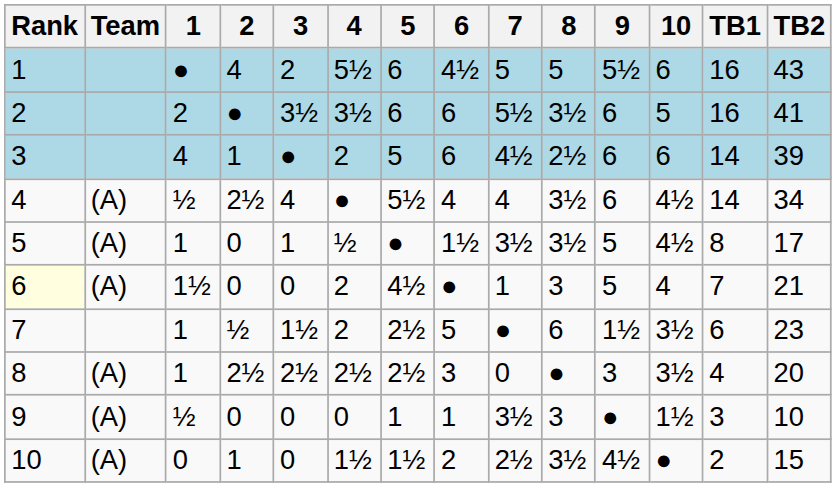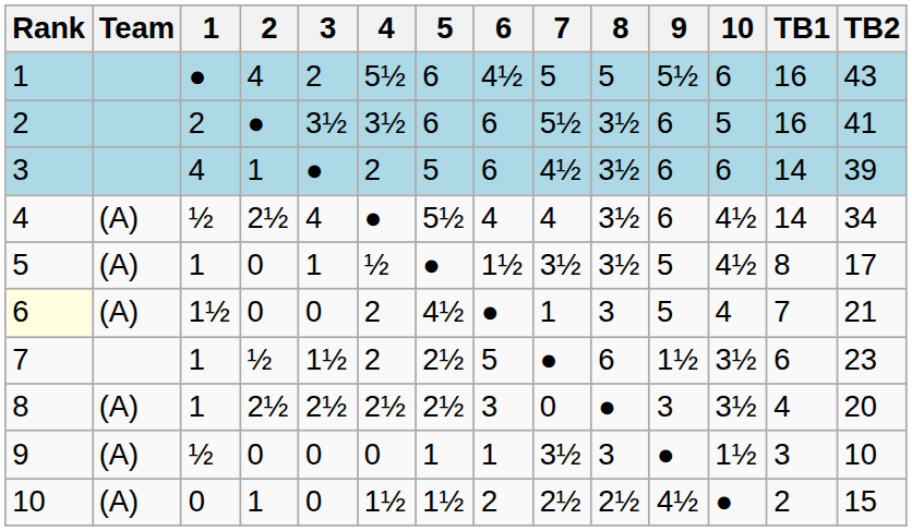 <table class="wikitable">
 <tr>
 <th>Rank</th>
 <th>Team</th>
 <th style="width:1.5em;">1</th>
 <th style="width:1.5em;">2</th>
 <th style="width:1.5em;">3</th>
 <th style="width:1.5em;">4</th>
 <th style="width:1.5em;">5</th>
 <th style="width:1.5em;">6</th>
 <th style="width:1.5em;">7</th>
 <th style="width:1.5em;">8</th>
 <th style="width:1.5em;">9</th>
 <th style="width:1.5em;">10</th>
 <th>TB1</th>
 <th>TB2</th>
 </tr>
 <tr style="background:lightblue">
 <td>1</td>
 <td></td>
 <td>●</td>
 <td>4</td>
 <td>2</td>
 <td>5½</td>
 <td>6</td>
 <td>4½</td>
 <td>5</td>
 <td>5</td>
 <td>5½</td>
 <td>6</td>
 <td>16</td>
 <td>43</td>
 </tr>
 <tr style="background:lightblue">
 <td>2</td>
 <td></td>
 <td>2</td>
 <td>●</td>
 <td>3½</td>
 <td>3½</td>
 <td>6</td>
 <td>6</td>
 <td>5½</td>
 <td>3½</td>
 <td>6</td>
 <td>5</td>
 <td>16</td>
 <td>41</td>
 </tr>
 <tr style="background:lightblue">
 <td>3</td>
 <td></td>
 <td>4</td>
 <td>1</td>
 <td>●</td>
 <td>2</td>
 <td>5</td>
 <td>6</td>
 <td>4½</td>
-<td>2½</td>
+<td>3½</td>
 <td>6</td>
 <td>6</td>
 <td>14</td>
 <td>39</td>
 </tr>
 <tr>
 <td>4</td>
 <td> (A)</td>
 <td>½</td>
 <td>2½</td>
 <td>4</td>
 <td>●</td>
 <td>5½</td>
 <td>4</td>
 <td>4</td>
 <td>3½</td>
 <td>6</td>
 <td>4½</td>
 <td>14</td>
 <td>34</td>
 </tr>
 <tr>
 <td>5</td>
 <td> (A)</td>
 <td>1</td>
 <td>0</td>
 <td>1</td>
 <td>½</td>
 <td>●</td>
 <td>1½</td>
 <td>3½</td>
 <td>3½</td>
 <td>5</td>
 <td>4½</td>
 <td>8</td>
 <td>17</td>
 </tr>
 <tr>
 <td style="background: lightyellow;">6</td>
 <td> (A)</td>
 <td>1½</td>
 <td>0</td>
 <td>0</td>
 <td>2</td>
 <td>4½</td>
 <td>●</td>
 <td>1</td>
 <td>3</td>
 <td>5</td>
 <td>4</td>
 <td>7</td>
 <td>21</td>
 </tr>
 <tr>
 <td>7</td>
 <td></td>
 <td>1</td>
 <td>½</td>
 <td>1½</td>
 <td>2</td>
 <td>2½</td>
 <td>5</td>
 <td>●</td>
 <td>6</td>
 <td>1½</td>
 <td>3½</td>
 <td>6</td>
 <td>23</td>
 </tr>
 <tr>
 <td>8</td>
 <td> (A)</td>
 <td>1</td>
 <td>2½</td>
 <td>2½</td>
 <td>2½</td>
 <td>2½</td>
 <td>3</td>
 <td>0</td>
 <td>●</td>
 <td>3</td>
 <td>3½</td>
 <td>4</td>
 <td>20</td>
 </tr>
 <tr>
 <td>9</td>
 <td> (A)</td>
 <td>½</td>
 <td>0</td>
 <td>0</td>
 <td>0</td>
 <td>1</td>
 <td>1</td>
 <td>3½</td>
 <td>3</td>
 <td>●</td>
 <td>1½</td>
 <td>3</td>
 <td>10</td>
 </tr>
 <tr>
 <td>10</td>
 <td> (A)</td>
 <td>0</td>
 <td>1</td>
 <td>0</td>
 <td>1½</td>
 <td>1½</td>
 <td>2</td>
 <td>2½</td>
-<td>3½</td>
+<td>2½</td>
 <td>4½</td>
 <td>●</td>
 <td>2</td>
 <td>15</td>
 </tr>
 </table>
